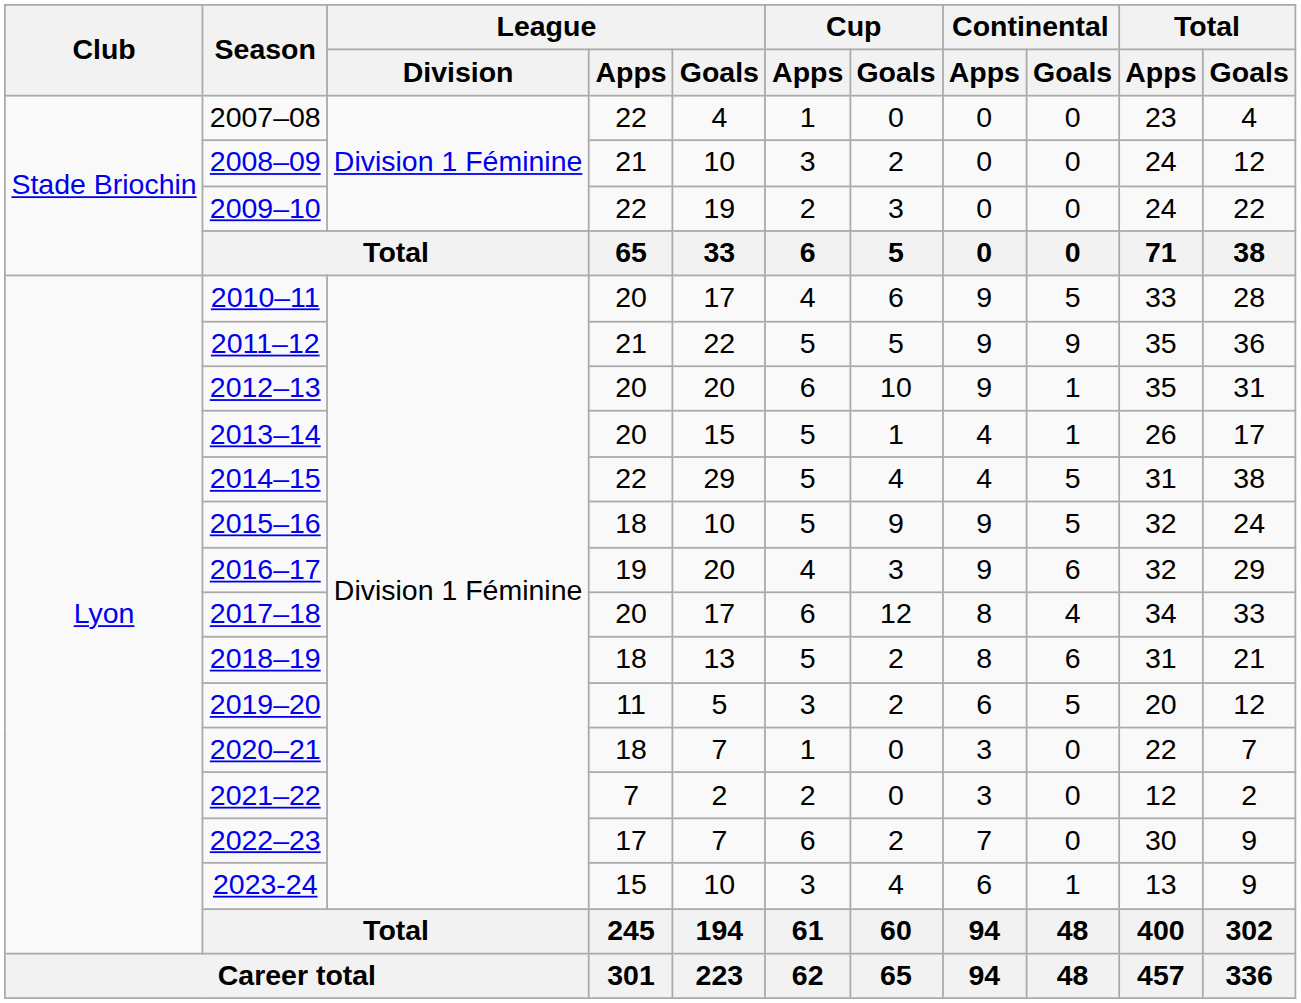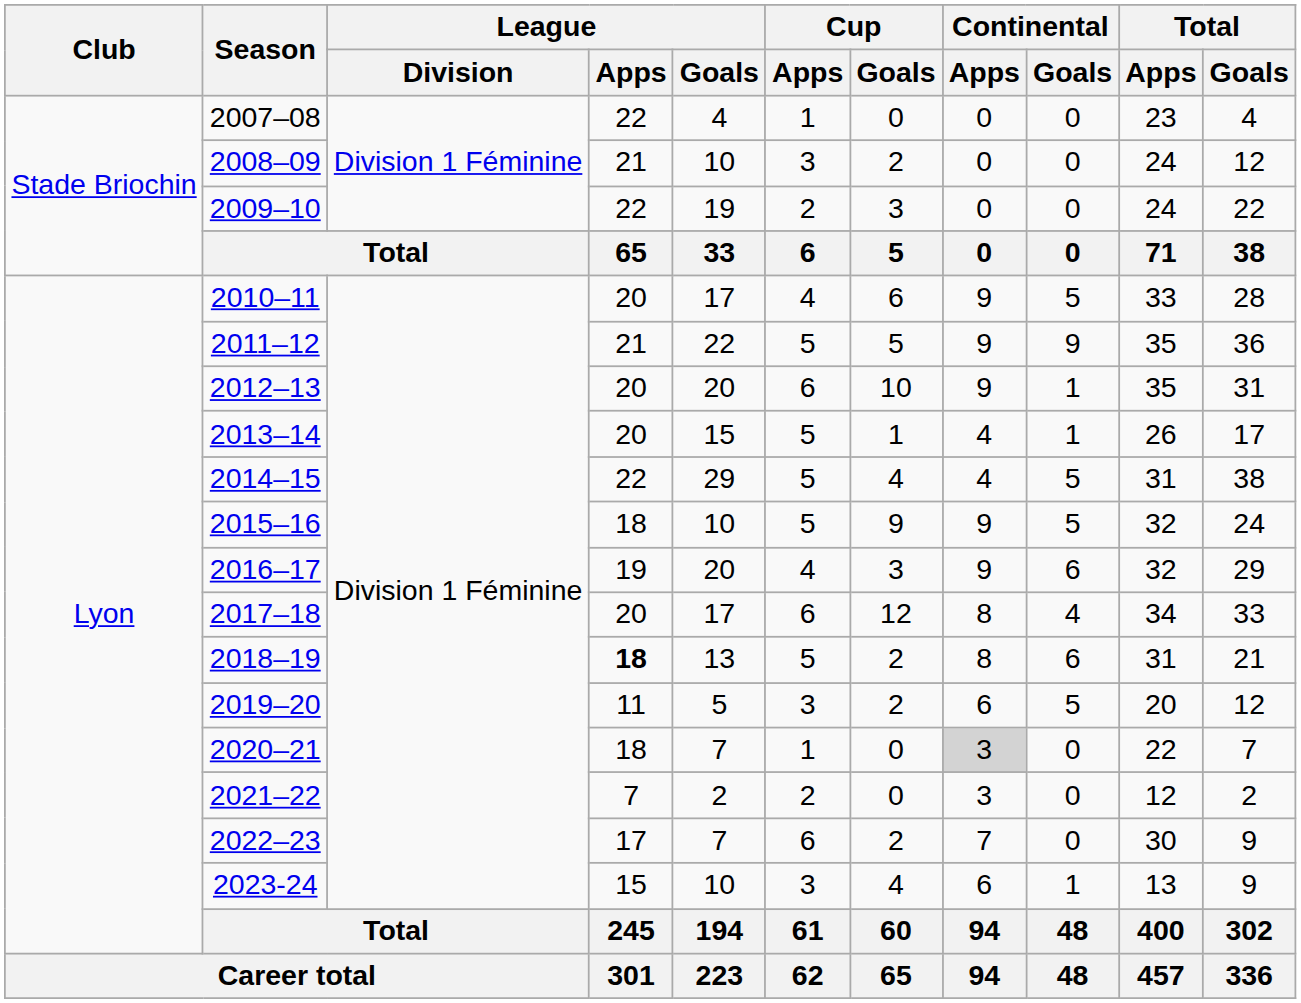 <table class="wikitable" style="text-align:center">
 <tr>
 <th rowspan="2">Club</th>
 <th rowspan="2">Season</th>
 <th colspan="3">League</th>
 <th colspan="2">Cup</th>
 <th colspan="2">Continental</th>
 <th colspan="2">Total</th>
 </tr>
 <tr>
 <th>Division</th>
 <th>Apps</th>
 <th>Goals</th>
 <th>Apps</th>
 <th>Goals</th>
 <th>Apps</th>
 <th>Goals</th>
 <th>Apps</th>
 <th>Goals</th>
 </tr>
 <tr>
 <td rowspan="4"><a href='#'>Stade Briochin</a></td>
 <td>2007–08</td>
 <td rowspan="3"><a href='#'>Division 1 Féminine</a></td>
 <td>22</td>
 <td>4</td>
 <td>1</td>
 <td>0</td>
 <td>0</td>
 <td>0</td>
 <td>23</td>
 <td>4</td>
 </tr>
 <tr>
 <td><a href='#'>2008–09</a></td>
 <td>21</td>
 <td>10</td>
 <td>3</td>
 <td>2</td>
 <td>0</td>
 <td>0</td>
 <td>24</td>
 <td>12</td>
 </tr>
 <tr>
 <td><a href='#'>2009–10</a></td>
 <td>22</td>
 <td>19</td>
 <td>2</td>
 <td>3</td>
 <td>0</td>
 <td>0</td>
 <td>24</td>
 <td>22</td>
 </tr>
 <tr>
 <th colspan="2">Total</th>
 <th>65</th>
 <th>33</th>
 <th>6</th>
 <th>5</th>
 <th>0</th>
 <th>0</th>
 <th>71</th>
 <th>38</th>
 </tr>
 <tr>
 <td rowspan="15"><a href='#'>Lyon</a></td>
 <td><a href='#'>2010–11</a></td>
 <td rowspan="14">Division 1 Féminine</td>
 <td>20</td>
 <td>17</td>
 <td>4</td>
 <td>6</td>
 <td>9</td>
 <td>5</td>
 <td>33</td>
 <td>28</td>
 </tr>
 <tr>
 <td><a href='#'>2011–12</a></td>
 <td>21</td>
 <td>22</td>
 <td>5</td>
 <td>5</td>
 <td>9</td>
 <td>9</td>
 <td>35</td>
 <td>36</td>
 </tr>
 <tr>
 <td><a href='#'>2012–13</a></td>
 <td>20</td>
 <td>20</td>
 <td>6</td>
 <td>10</td>
 <td>9</td>
 <td>1</td>
 <td>35</td>
 <td>31</td>
 </tr>
 <tr>
 <td><a href='#'>2013–14</a></td>
 <td>20</td>
 <td>15</td>
 <td>5</td>
 <td>1</td>
 <td>4</td>
 <td>1</td>
 <td>26</td>
 <td>17</td>
 </tr>
 <tr>
 <td><a href='#'>2014–15</a></td>
 <td>22</td>
 <td>29</td>
 <td>5</td>
 <td>4</td>
 <td>4</td>
 <td>5</td>
 <td>31</td>
 <td>38</td>
 </tr>
 <tr>
 <td><a href='#'>2015–16</a></td>
 <td>18</td>
 <td>10</td>
 <td>5</td>
 <td>9</td>
 <td>9</td>
 <td>5</td>
 <td>32</td>
 <td>24</td>
 </tr>
 <tr>
 <td><a href='#'>2016–17</a></td>
 <td>19</td>
 <td>20</td>
 <td>4</td>
 <td>3</td>
 <td>9</td>
 <td>6</td>
 <td>32</td>
 <td>29</td>
 </tr>
 <tr>
 <td><a href='#'>2017–18</a></td>
 <td>20</td>
 <td>17</td>
 <td>6</td>
 <td>12</td>
 <td>8</td>
 <td>4</td>
 <td>34</td>
 <td>33</td>
 </tr>
 <tr>
 <td><a href='#'>2018–19</a></td>
-<td>18</td>
+<td><strong>18</strong></td>
 <td>13</td>
 <td>5</td>
 <td>2</td>
 <td>8</td>
 <td>6</td>
 <td>31</td>
 <td>21</td>
 </tr>
 <tr>
 <td><a href='#'>2019–20</a></td>
 <td>11</td>
 <td>5</td>
 <td>3</td>
 <td>2</td>
 <td>6</td>
 <td>5</td>
 <td>20</td>
 <td>12</td>
 </tr>
 <tr>
 <td><a href='#'>2020–21</a></td>
 <td>18</td>
 <td>7</td>
 <td>1</td>
 <td>0</td>
-<td>3</td>
+<td style="background: lightgrey;">3</td>
 <td>0</td>
 <td>22</td>
 <td>7</td>
 </tr>
 <tr>
 <td><a href='#'>2021–22</a></td>
 <td>7</td>
 <td>2</td>
 <td>2</td>
 <td>0</td>
 <td>3</td>
 <td>0</td>
 <td>12</td>
 <td>2</td>
 </tr>
 <tr>
 <td><a href='#'>2022–23</a></td>
 <td>17</td>
 <td>7</td>
 <td>6</td>
 <td>2</td>
 <td>7</td>
 <td>0</td>
 <td>30</td>
 <td>9</td>
 </tr>
 <tr>
 <td><a href='#'>2023-24</a></td>
 <td>15</td>
 <td>10</td>
 <td>3</td>
 <td>4</td>
 <td>6</td>
 <td>1</td>
 <td>13</td>
 <td>9</td>
 </tr>
 <tr>
 <th colspan="2">Total</th>
 <th>245</th>
 <th>194</th>
 <th>61</th>
 <th>60</th>
 <th>94</th>
 <th>48</th>
 <th>400</th>
 <th>302</th>
 </tr>
 <tr>
 <th colspan="3">Career total</th>
 <th>301</th>
 <th>223</th>
 <th>62</th>
 <th>65</th>
 <th>94</th>
 <th>48</th>
 <th>457</th>
 <th>336</th>
 </tr>
 </table>
